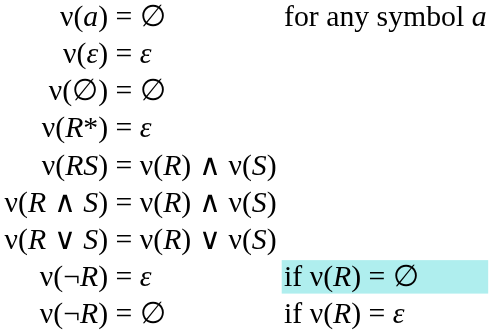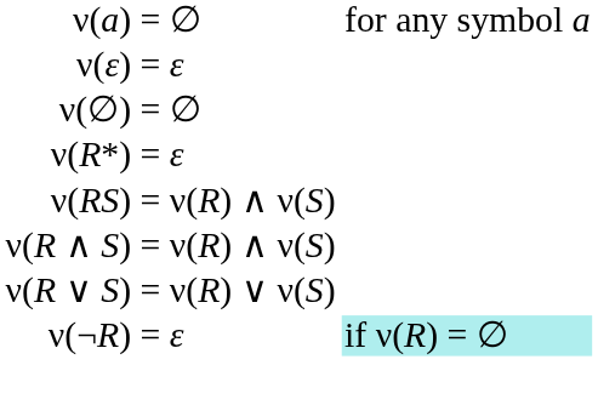 <table style="font-family: 'Nimbus Roman No9 L', 'Times New Roman', Times, serif; line-height: 1; white-space: nowrap; font-variant-numeric: lining-nums tabular-nums; font-kerning:none">
 <tr>
 <td style="text-align:right;">ν(<em>a</em>)</td>
 <td>= ∅</td>
 <td>for any symbol <em>a</em></td>
 </tr>
 <tr>
 <td style="text-align:right;">ν(<em>ε</em>)</td>
 <td>= <em>ε</em></td>
 </tr>
 <tr>
 <td style="text-align:right;">ν(∅)</td>
 <td>= ∅</td>
 </tr>
 <tr>
 <td style="text-align:right;">ν(<em>R</em>*)</td>
 <td>= <em>ε</em></td>
 </tr>
 <tr>
 <td style="text-align:right;">ν(<em>RS</em>)</td>
 <td>= ν(<em>R</em>) ∧ ν(<em>S</em>)</td>
 </tr>
 <tr>
 <td style="text-align:right;">ν(<em>R</em> ∧ <em>S</em>)</td>
 <td>= ν(<em>R</em>) ∧ ν(<em>S</em>)</td>
 </tr>
 <tr>
 <td style="text-align:right;">ν(<em>R</em> ∨ <em>S</em>)</td>
 <td>= ν(<em>R</em>) ∨ ν(<em>S</em>)</td>
 </tr>
 <tr>
 <td style="text-align:right;">ν(¬<em>R</em>)</td>
 <td>= <em>ε</em></td>
 <td style="background: paleturquoise;">if ν(<em>R</em>) = ∅</td>
 </tr>
-<tr>
-<td style="text-align:right;">ν(¬<em>R</em>)</td>
-<td>= ∅</td>
-<td>if ν(<em>R</em>) = <em>ε</em></td>
-</tr>
 </table>
